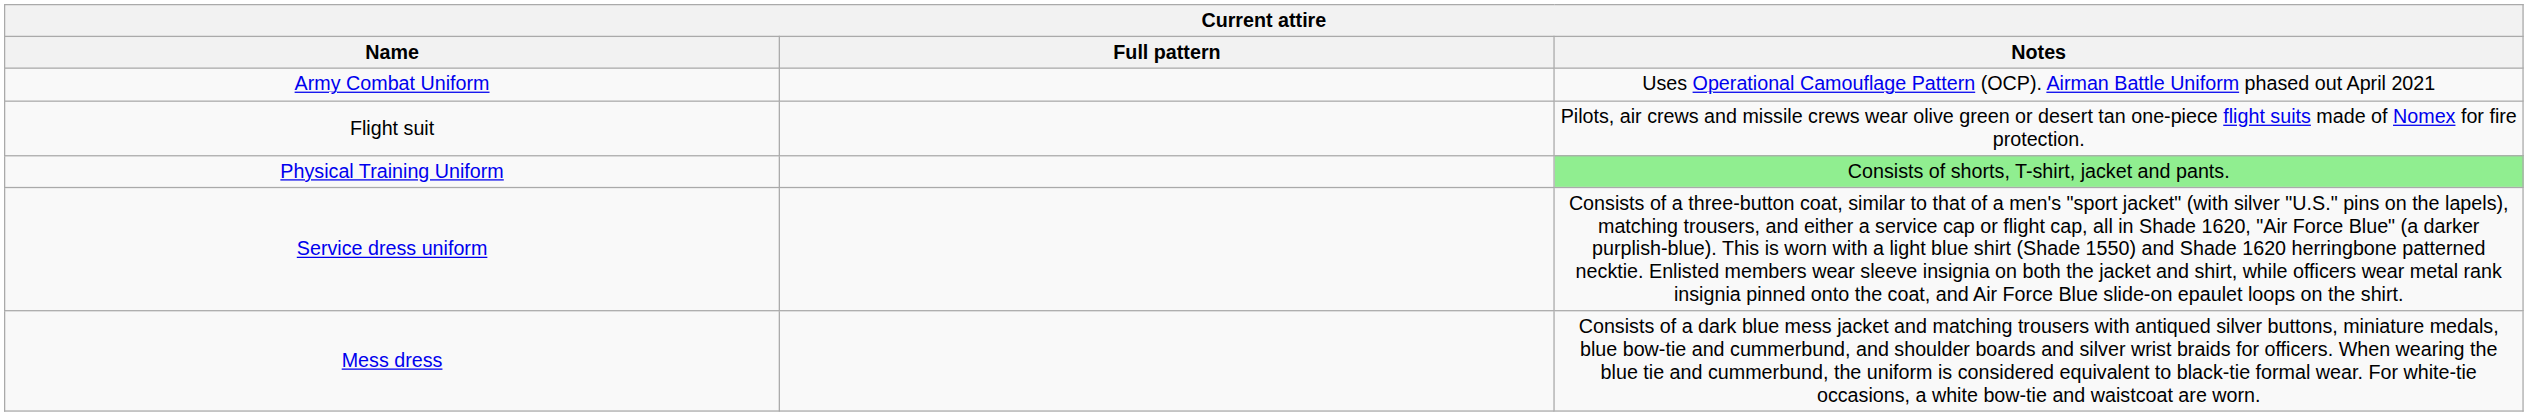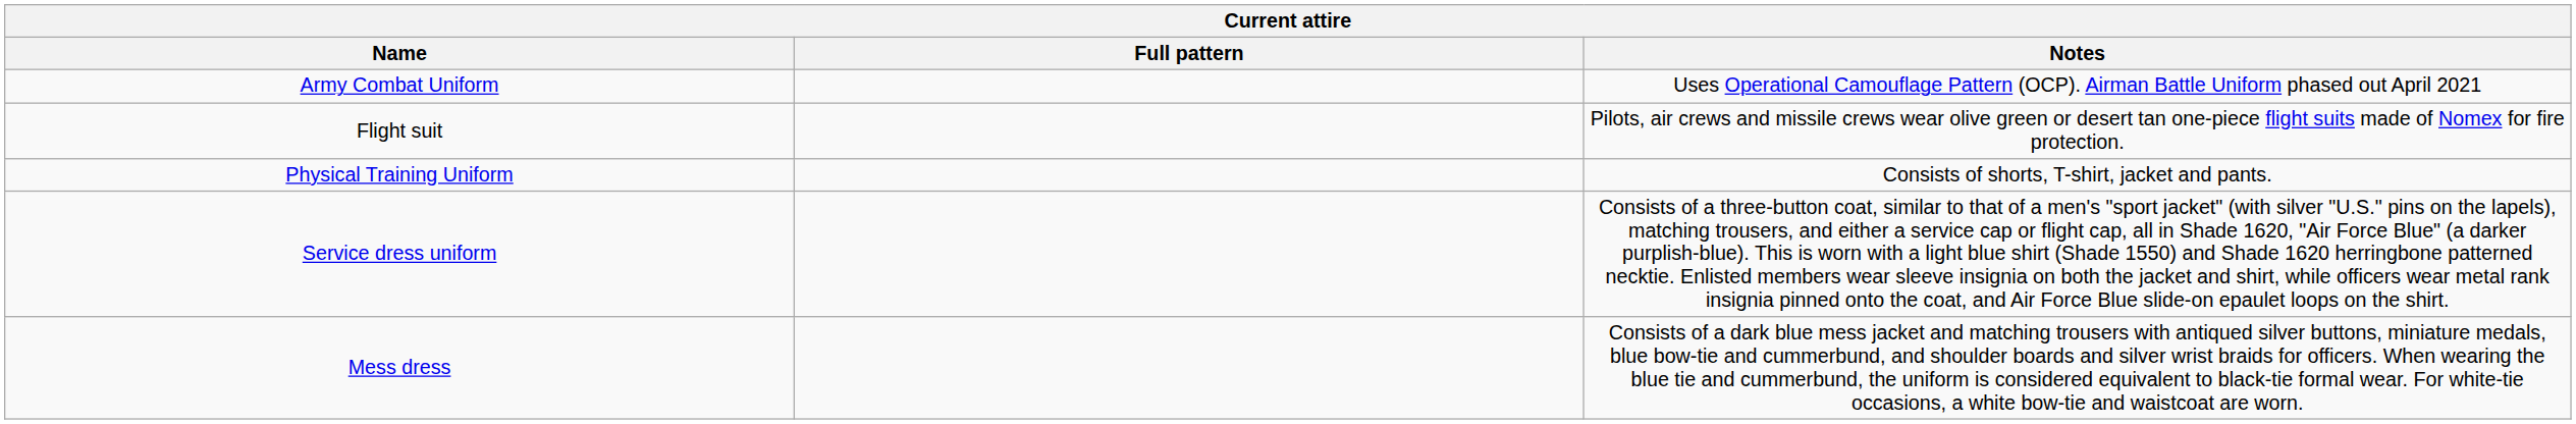 <table class=wikitable width=100% style="text-align:center; font-size:97%;">
 <tr>
 <th colspan=6>Current attire</th>
 </tr>
 <tr>
 <th width=20%>Name</th>
 <th width=20%>Full pattern</th>
 <th width=25%>Notes</th>
 </tr>
 <tr>
 <td><a href='#'>Army Combat Uniform</a></td>
 <td></td>
 <td>Uses <a href='#'>Operational Camouflage Pattern</a> (OCP). <a href='#'>Airman Battle Uniform</a> phased out April 2021</td>
 </tr>
 <tr>
 <td>Flight suit</td>
 <td></td>
 <td>Pilots, air crews and missile crews wear olive green or desert tan one-piece <a href='#'>flight suits</a> made of <a href='#'>Nomex</a> for fire protection.</td>
 </tr>
 <tr>
 <td><a href='#'>Physical Training Uniform</a></td>
 <td></td>
-<td style="background: lightgreen;">Consists of shorts, T-shirt, jacket and pants.</td>
+<td>Consists of shorts, T-shirt, jacket and pants.</td>
 </tr>
 <tr>
 <td><a href='#'>Service dress uniform</a></td>
 <td></td>
 <td>Consists of a three-button coat, similar to that of a men's "sport jacket" (with silver "U.S." pins on the lapels), matching trousers, and either a service cap or flight cap, all in Shade 1620, "Air Force Blue" (a darker purplish-blue). This is worn with a light blue shirt (Shade 1550) and Shade 1620 herringbone patterned necktie. Enlisted members wear sleeve insignia on both the jacket and shirt, while officers wear metal rank insignia pinned onto the coat, and Air Force Blue slide-on epaulet loops on the shirt.</td>
 </tr>
 <tr>
 <td><a href='#'>Mess dress</a></td>
 <td></td>
 <td>Consists of a dark blue mess jacket and matching trousers with antiqued silver buttons, miniature medals, blue bow-tie and cummerbund, and shoulder boards and silver wrist braids for officers. When wearing the blue tie and cummerbund, the uniform is considered equivalent to black-tie formal wear. For white-tie occasions, a white bow-tie and waistcoat are worn.</td>
 </tr>
 </table>
